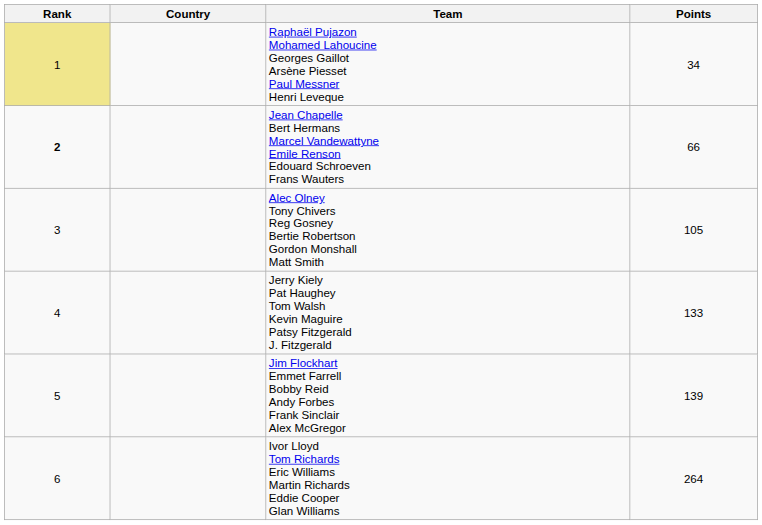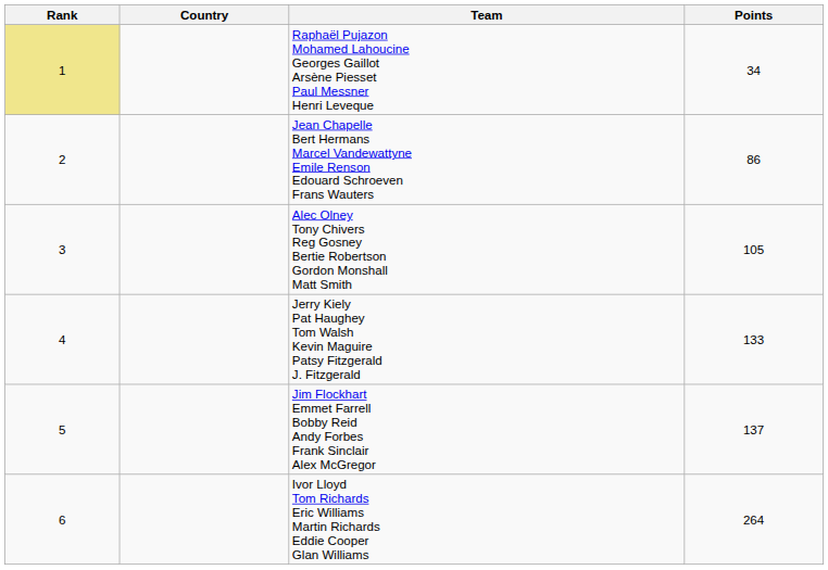 <table class="wikitable sortable" style=" text-align:center; font-size:95%;" width="50%">
 <tr>
 <th>Rank</th>
 <th>Country</th>
 <th>Team</th>
 <th>Points</th>
 </tr>
 <tr>
 <td align=center style="background: khaki;">1</td>
 <td align=left></td>
 <td align=left><a href='#'>Raphaël Pujazon</a><br><a href='#'>Mohamed Lahoucine</a><br>Georges Gaillot<br>Arsène Piesset<br><a href='#'>Paul Messner</a><br>Henri Leveque</td>
 <td>34</td>
 </tr>
 <tr>
-<td align=center><strong>2</strong></td>
+<td align=center>2</td>
 <td align=left></td>
 <td align=left><a href='#'>Jean Chapelle</a><br>Bert Hermans<br><a href='#'>Marcel Vandewattyne</a><br><a href='#'>Emile Renson</a><br>Edouard Schroeven<br>Frans Wauters</td>
-<td>66</td>
+<td>86</td>
 </tr>
 <tr>
 <td align=center>3</td>
 <td align=left></td>
 <td align=left><a href='#'>Alec Olney</a><br>Tony Chivers<br>Reg Gosney<br>Bertie Robertson<br>Gordon Monshall<br>Matt Smith</td>
 <td>105</td>
 </tr>
 <tr>
 <td align=center>4</td>
 <td align=left></td>
 <td align=left>Jerry Kiely<br>Pat Haughey<br>Tom Walsh<br>Kevin Maguire<br>Patsy Fitzgerald<br>J. Fitzgerald</td>
 <td>133</td>
 </tr>
 <tr>
 <td align=center>5</td>
 <td align=left></td>
 <td align=left><a href='#'>Jim Flockhart</a><br>Emmet Farrell<br>Bobby Reid<br>Andy Forbes<br>Frank Sinclair<br>Alex McGregor</td>
-<td>139</td>
+<td>137</td>
 </tr>
 <tr>
 <td align=center>6</td>
 <td align=left></td>
 <td align=left>Ivor Lloyd<br><a href='#'>Tom Richards</a><br>Eric Williams<br>Martin Richards<br>Eddie Cooper<br>Glan Williams</td>
 <td>264</td>
 </tr>
 </table>
